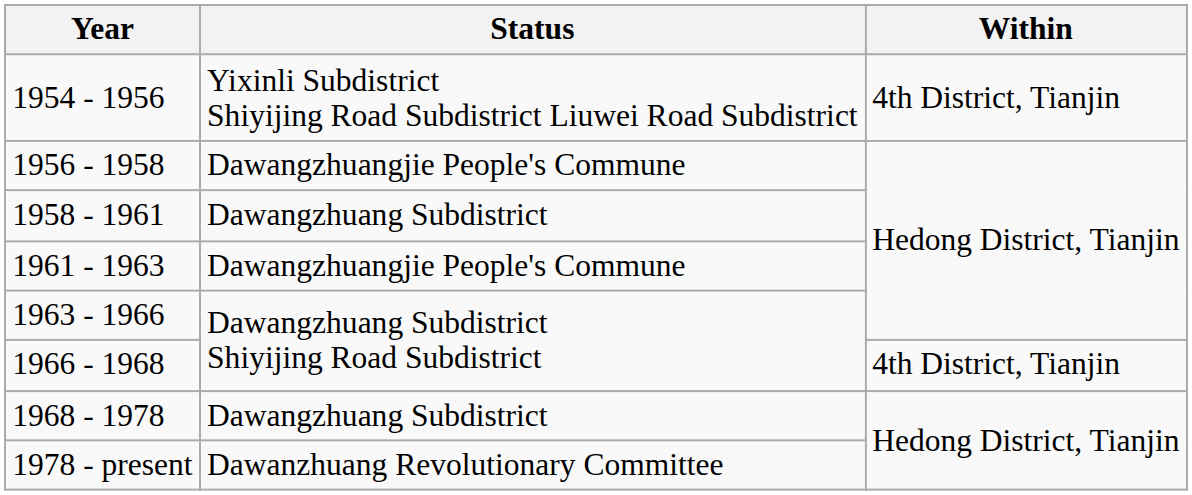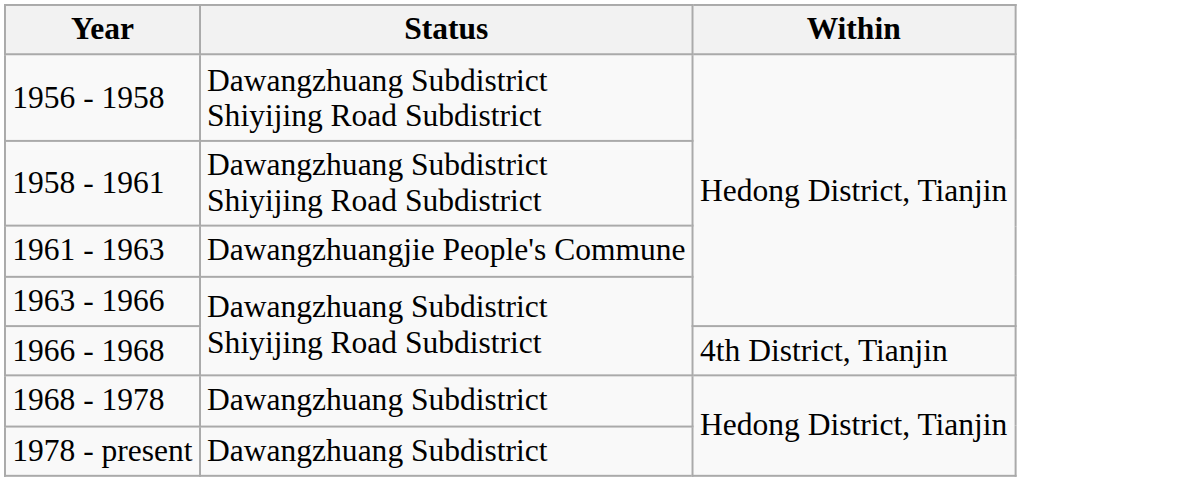 <table class="wikitable">
 <tr>
 <th>Year</th>
 <th>Status</th>
 <th>Within</th>
 </tr>
 <tr>
-<td>1954 - 1956</td>
-<td>Yixinli Subdistrict<br>Shiyijing Road Subdistrict Liuwei Road Subdistrict</td>
-<td>4th District, Tianjin</td>
-</tr>
-<tr>
 <td>1956 - 1958</td>
-<td>Dawangzhuangjie People's Commune</td>
+<td>Dawangzhuang Subdistrict<br>Shiyijing Road Subdistrict</td>
 <td rowspan="4">Hedong District, Tianjin</td>
 </tr>
 <tr>
 <td>1958 - 1961</td>
-<td>Dawangzhuang Subdistrict</td>
+<td>Dawangzhuang Subdistrict<br>Shiyijing Road Subdistrict</td>
 </tr>
 <tr>
 <td>1961 - 1963</td>
 <td>Dawangzhuangjie People's Commune</td>
 </tr>
 <tr>
 <td>1963 - 1966</td>
 <td rowspan="2">Dawangzhuang Subdistrict<br>Shiyijing Road Subdistrict</td>
 </tr>
 <tr>
 <td>1966 - 1968</td>
 <td>4th District, Tianjin</td>
 </tr>
 <tr>
 <td>1968 - 1978</td>
 <td>Dawangzhuang Subdistrict</td>
 <td rowspan="2">Hedong District, Tianjin</td>
 </tr>
 <tr>
 <td>1978 - present</td>
-<td>Dawanzhuang Revolutionary Committee</td>
+<td>Dawangzhuang Subdistrict</td>
 </tr>
 </table>
